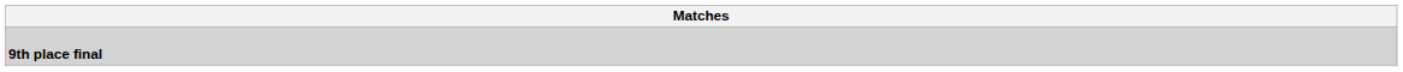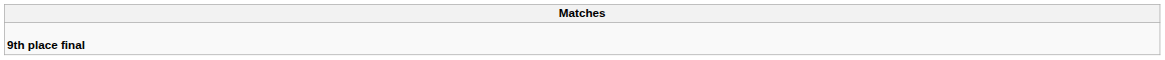 <table class="wikitable collapsible collapsed" style="width:100%;">
 <tr>
 <th>Matches</th>
 </tr>
 <tr>
-<td style="background: lightgrey;"><br><strong>9th place final</strong> </td>
+<td><br><strong>9th place final</strong> </td>
 </tr>
 </table>
